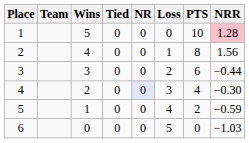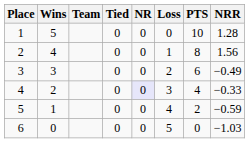 <table class="wikitable">
 <tr>
 <th>Place</th>
+<th>Wins</th>
 <th>Team</th>
-<th>Wins</th>
 <th>Tied</th>
 <th>NR</th>
 <th>Loss</th>
 <th>PTS</th>
 <th>NRR</th>
 </tr>
 <tr align="center">
 <td>1</td>
+<td>5</td>
 <td align="left"></td>
-<td>5</td>
 <td>0</td>
 <td>0</td>
 <td>0</td>
 <td>10</td>
-<td style="background: pink;">1.28</td>
+<td>1.28</td>
 </tr>
 <tr align="center">
 <td>2</td>
+<td>4</td>
 <td align="left"></td>
-<td>4</td>
 <td>0</td>
 <td>0</td>
 <td>1</td>
 <td>8</td>
 <td>1.56</td>
 </tr>
 <tr align="center">
 <td>3</td>
+<td>3</td>
 <td align="left"></td>
-<td>3</td>
 <td>0</td>
 <td>0</td>
 <td>2</td>
 <td>6</td>
-<td>−0.44</td>
+<td>−0.49</td>
 </tr>
 <tr align="center">
 <td>4</td>
+<td>2</td>
 <td align="left"></td>
-<td>2</td>
 <td>0</td>
 <td style="background: lavender;">0</td>
 <td>3</td>
 <td>4</td>
-<td>−0.30</td>
+<td>−0.33</td>
 </tr>
 <tr align="center">
 <td>5</td>
+<td>1</td>
 <td align="left"></td>
-<td>1</td>
 <td>0</td>
 <td>0</td>
 <td>4</td>
 <td>2</td>
 <td>−0.59</td>
 </tr>
 <tr align="center">
 <td>6</td>
+<td>0</td>
 <td align="left"></td>
-<td>0</td>
 <td>0</td>
 <td>0</td>
 <td>5</td>
 <td>0</td>
 <td>−1.03</td>
 </tr>
 </table>
